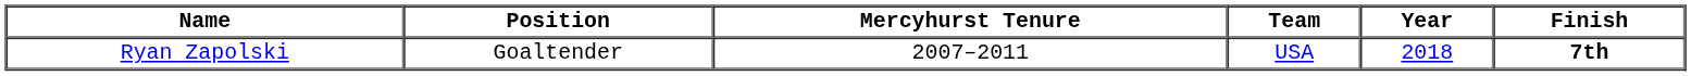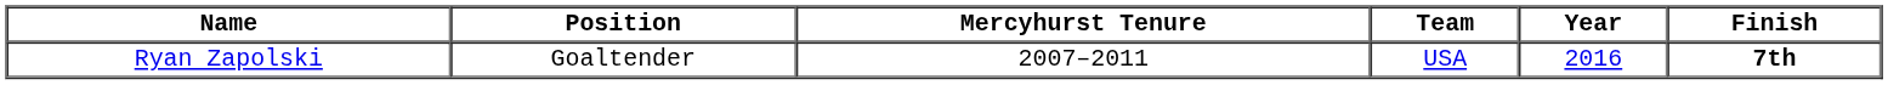 <table cellpadding="1" border="1" cellspacing="0" width="80%">
 <tr>
 <th>Name</th>
 <th>Position</th>
 <th>Mercyhurst Tenure</th>
 <th>Team</th>
 <th>Year</th>
 <th>Finish</th>
 </tr>
 <tr align="center">
 <td><a href='#'>Ryan Zapolski</a></td>
 <td>Goaltender</td>
 <td>2007–2011</td>
 <td> <a href='#'>USA</a></td>
-<td><a href='#'>2018</a></td>
+<td><a href='#'>2016</a></td>
 <td><strong>7th</strong></td>
 </tr>
 <tr align="center">
 </tr>
 </table>
